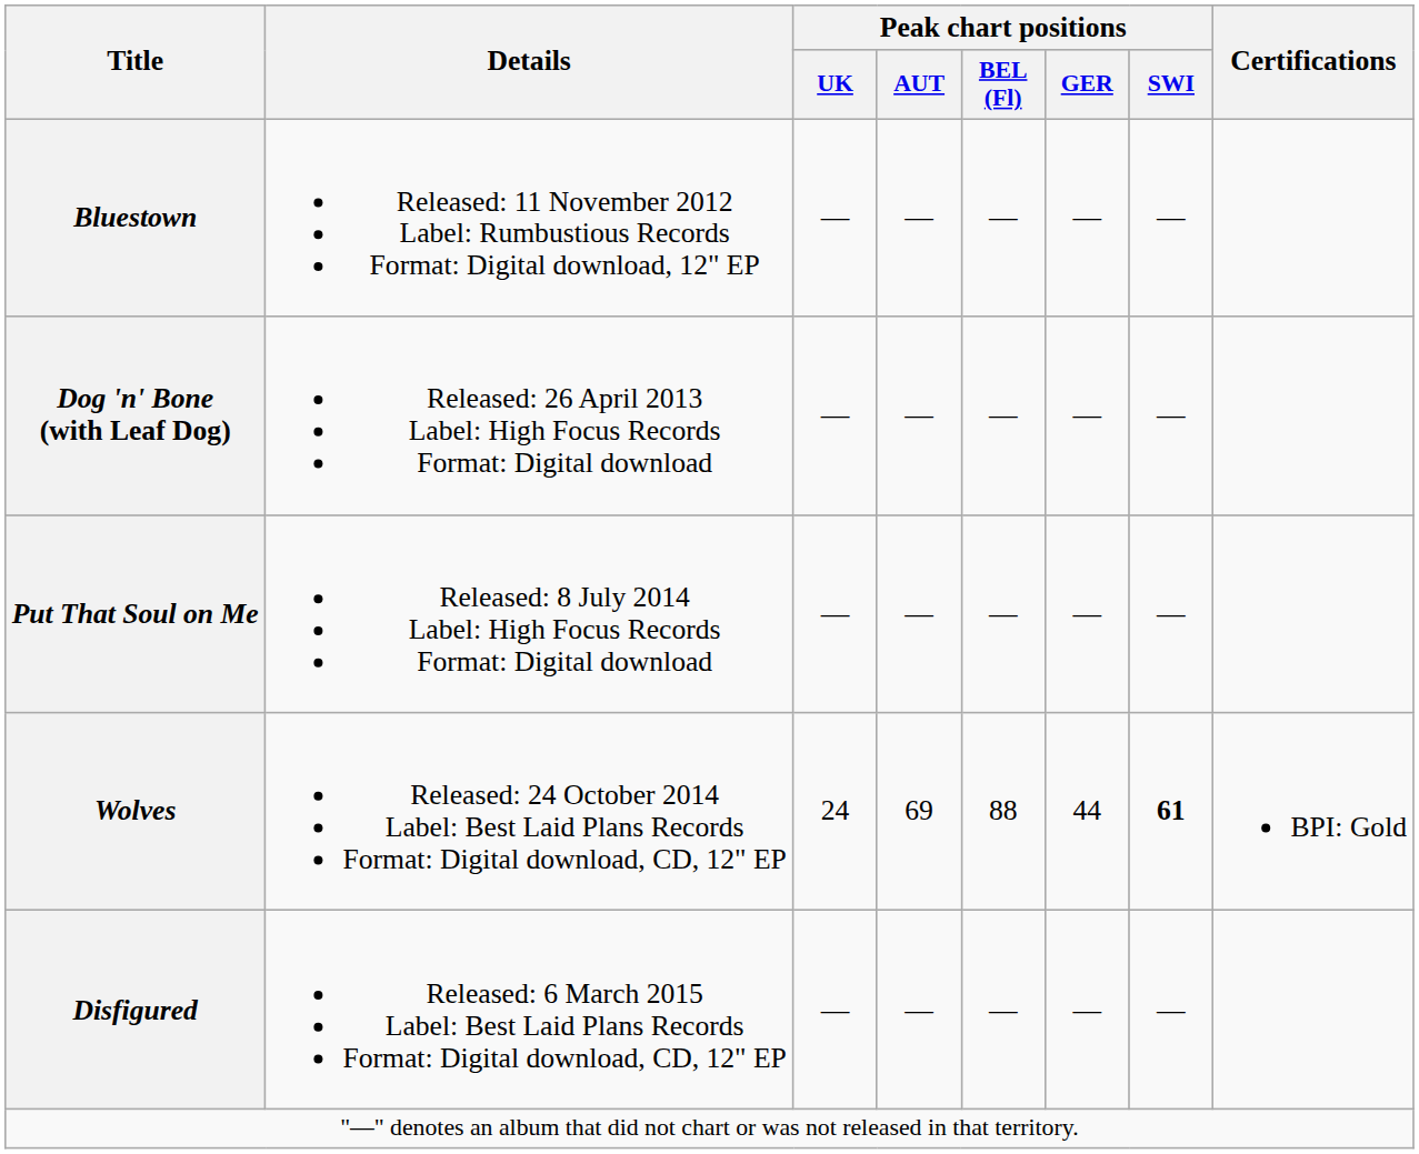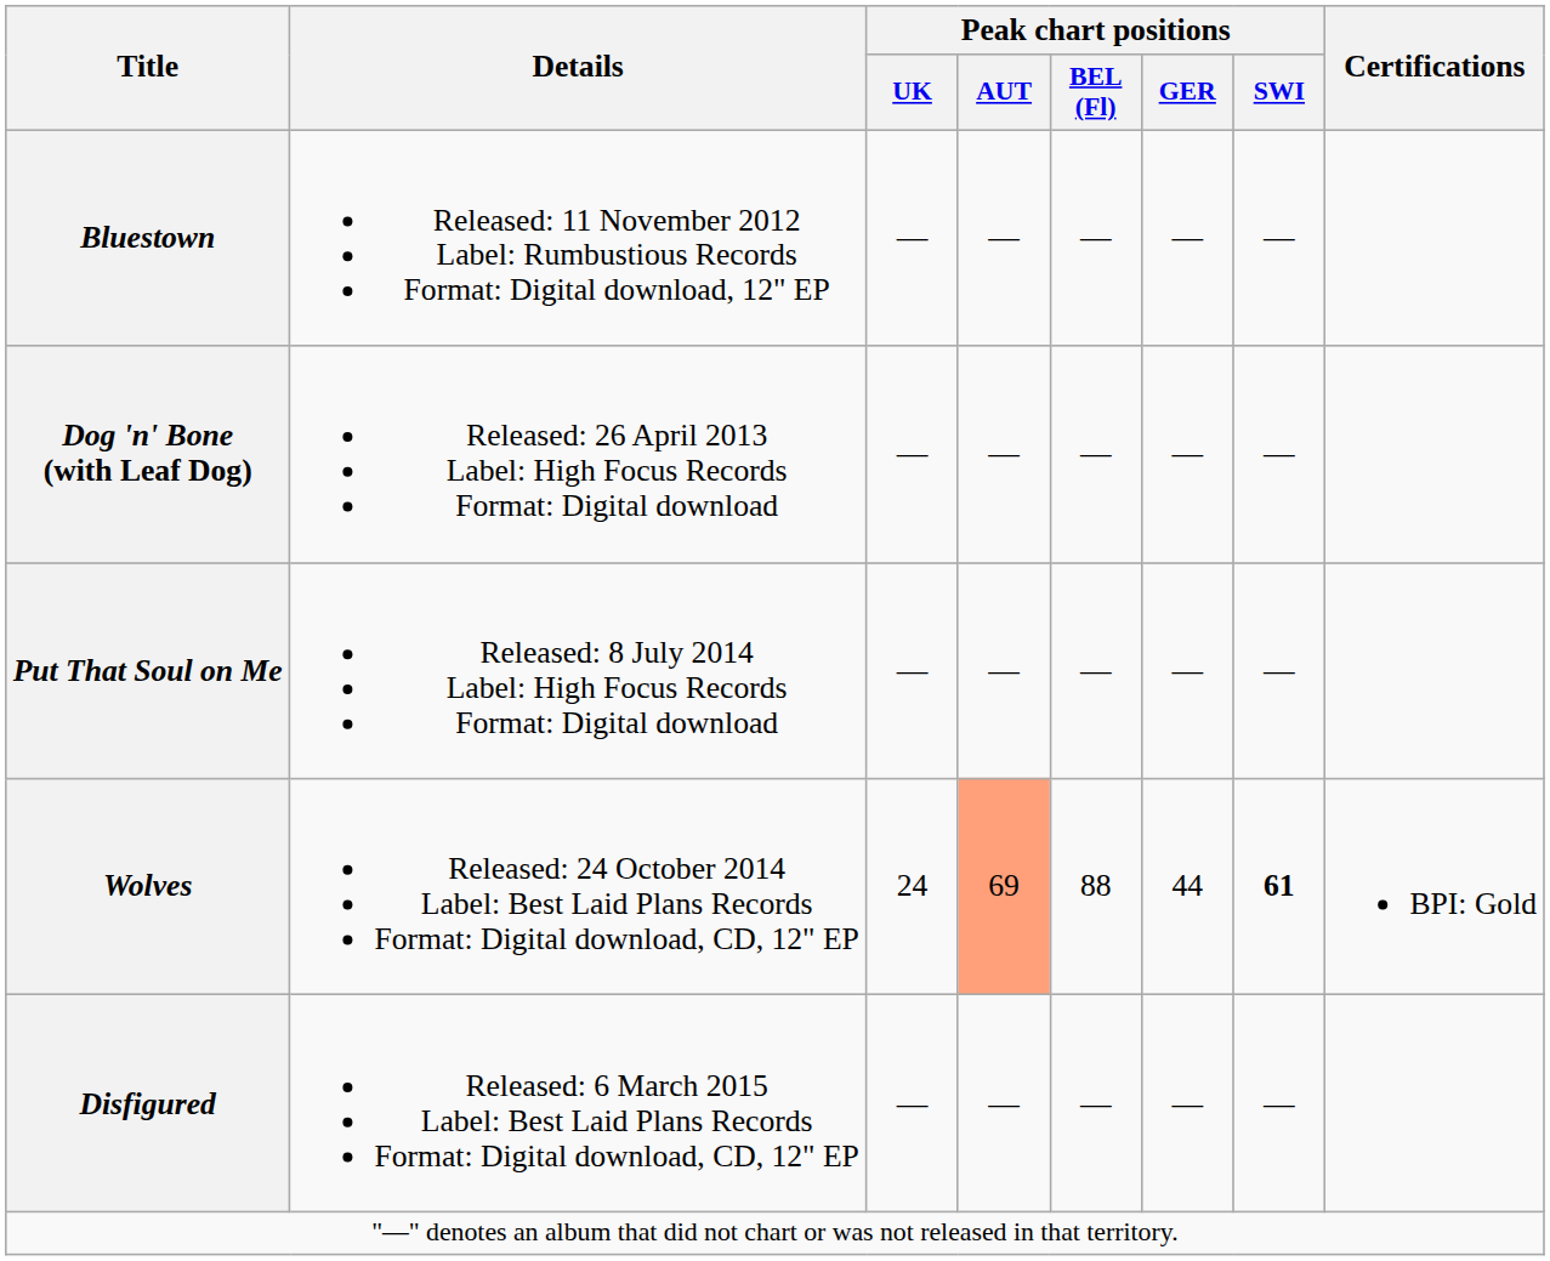 <table class="wikitable plainrowheaders" style="text-align:center;">
 <tr>
 <th scope="col" rowspan="2">Title</th>
 <th scope="col" rowspan="2">Details</th>
 <th scope="col" colspan="5">Peak chart positions</th>
 <th scope="col" rowspan="2">Certifications</th>
 </tr>
 <tr>
 <th scope="col" style="width:3em;font-size:85%;"><a href='#'>UK</a><br></th>
 <th scope="col" style="width:3em;font-size:85%;"><a href='#'>AUT</a><br></th>
 <th scope="col" style="width:3em;font-size:85%;"><a href='#'>BEL<br>(Fl)</a><br></th>
 <th scope="col" style="width:3em;font-size:85%;"><a href='#'>GER</a><br></th>
 <th scope="col" style="width:3em;font-size:85%;"><a href='#'>SWI</a><br></th>
 </tr>
 <tr>
 <th scope="row"><em>Bluestown</em></th>
 <td><br><ul><li>Released: 11 November 2012</li><li>Label: Rumbustious Records</li><li>Format: Digital download, 12" EP</li></ul></td>
 <td>—</td>
 <td>—</td>
 <td>—</td>
 <td>—</td>
 <td>—</td>
 <td></td>
 </tr>
 <tr>
 <th scope="row"><em>Dog 'n' Bone</em><br><span>(with Leaf Dog)</span></th>
 <td><br><ul><li>Released: 26 April 2013</li><li>Label: High Focus Records</li><li>Format: Digital download</li></ul></td>
 <td>—</td>
 <td>—</td>
 <td>—</td>
 <td>—</td>
 <td>—</td>
 <td></td>
 </tr>
 <tr>
 <th scope="row"><em>Put That Soul on Me</em></th>
 <td><br><ul><li>Released: 8 July 2014</li><li>Label: High Focus Records</li><li>Format: Digital download</li></ul></td>
 <td>—</td>
 <td>—</td>
 <td>—</td>
 <td>—</td>
 <td>—</td>
 <td></td>
 </tr>
 <tr>
 <th scope="row"><em>Wolves</em></th>
 <td><br><ul><li>Released: 24 October 2014</li><li>Label: Best Laid Plans Records</li><li>Format: Digital download, CD, 12" EP</li></ul></td>
 <td>24</td>
-<td>69</td>
+<td style="background: lightsalmon;">69</td>
 <td>88</td>
 <td>44</td>
 <td><strong>61</strong></td>
 <td><br><ul><li>BPI: Gold</li></ul></td>
 </tr>
 <tr>
 <th scope="row"><em>Disfigured</em></th>
 <td><br><ul><li>Released: 6 March 2015</li><li>Label: Best Laid Plans Records</li><li>Format: Digital download, CD, 12" EP</li></ul></td>
 <td>—</td>
 <td>—</td>
 <td>—</td>
 <td>—</td>
 <td>—</td>
 <td></td>
 </tr>
 <tr>
 <td colspan="20" style="text-align:center; font-size:85%;">"—" denotes an album that did not chart or was not released in that territory.</td>
 </tr>
 </table>
